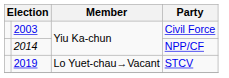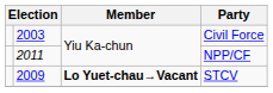 <table class="wikitable">
 <tr>
 <th colspan="2">Election</th>
 <th>Member</th>
 <th>Party</th>
 </tr>
 <tr>
 <td style="color:inherit;background:"></td>
 <td><a href='#'>2003</a></td>
 <td rowspan=2>Yiu Ka-chun</td>
 <td><a href='#'>Civil Force</a></td>
 </tr>
 <tr>
 <td style="color:inherit;background:"></td>
-<td><em>2014</em></td>
+<td><em>2011</em></td>
 <td><a href='#'>NPP/CF</a></td>
 </tr>
 <tr>
 <td style="color:inherit;background:"></td>
-<td><a href='#'>2019</a></td>
-<td>Lo Yuet-chau→Vacant</td>
+<td><a href='#'>2009</a></td>
+<td><strong>Lo Yuet-chau→Vacant</strong></td>
 <td><a href='#'>STCV</a></td>
 </tr>
 <tr>
 </tr>
 </table>
